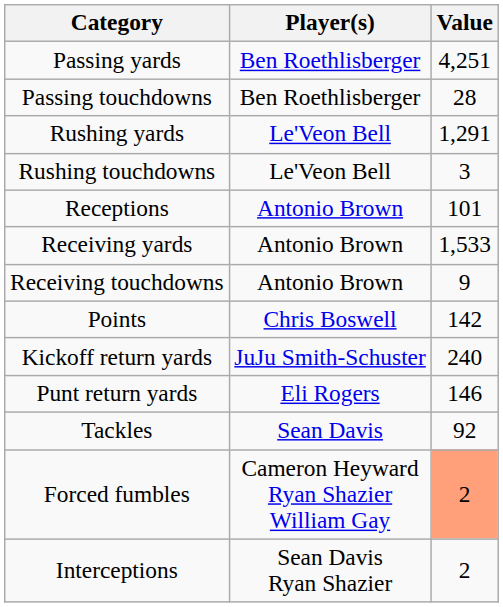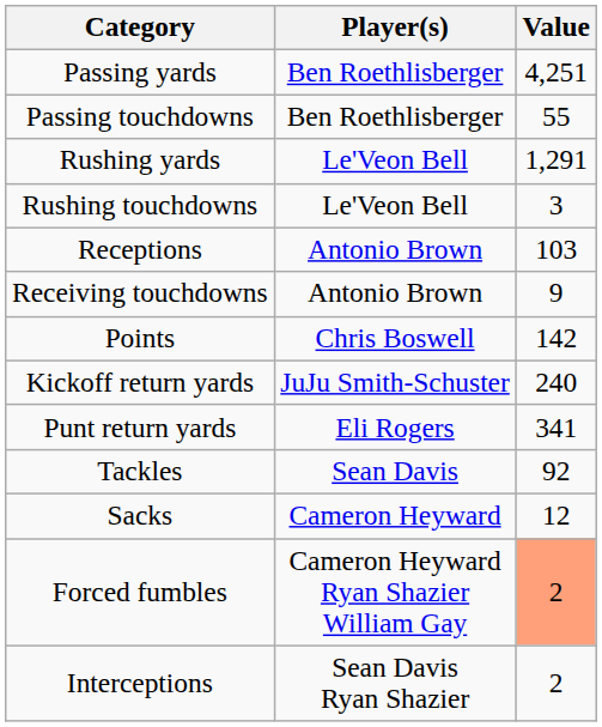 <table class="wikitable" style="text-align:center">
 <tr>
 <th>Category</th>
 <th>Player(s)</th>
 <th>Value</th>
 </tr>
 <tr>
 <td>Passing yards</td>
 <td><a href='#'>Ben Roethlisberger</a></td>
 <td>4,251</td>
 </tr>
 <tr>
 <td>Passing touchdowns</td>
 <td>Ben Roethlisberger</td>
-<td>28</td>
+<td>55</td>
 </tr>
 <tr>
 <td>Rushing yards</td>
 <td><a href='#'>Le'Veon Bell</a></td>
 <td>1,291</td>
 </tr>
 <tr>
 <td>Rushing touchdowns</td>
 <td>Le'Veon Bell</td>
 <td>3</td>
 </tr>
 <tr>
 <td>Receptions</td>
 <td><a href='#'>Antonio Brown</a></td>
-<td>101</td>
-</tr>
-<tr>
-<td>Receiving yards</td>
-<td>Antonio Brown</td>
-<td>1,533</td>
+<td>103</td>
 </tr>
 <tr>
 <td>Receiving touchdowns</td>
 <td>Antonio Brown</td>
 <td>9</td>
 </tr>
 <tr>
 <td>Points</td>
 <td><a href='#'>Chris Boswell</a></td>
 <td>142</td>
 </tr>
 <tr>
 <td>Kickoff return yards</td>
 <td><a href='#'>JuJu Smith-Schuster</a></td>
 <td>240</td>
 </tr>
 <tr>
 <td>Punt return yards</td>
 <td><a href='#'>Eli Rogers</a></td>
-<td>146</td>
+<td>341</td>
 </tr>
 <tr>
 <td>Tackles</td>
 <td><a href='#'>Sean Davis</a></td>
 <td>92</td>
+</tr>
+<tr>
+<td>Sacks</td>
+<td><a href='#'>Cameron Heyward</a></td>
+<td>12</td>
 </tr>
 <tr>
 <td>Forced fumbles</td>
 <td>Cameron Heyward<br><a href='#'>Ryan Shazier</a><br><a href='#'>William Gay</a></td>
 <td style="background: lightsalmon;">2</td>
 </tr>
 <tr>
 <td>Interceptions</td>
 <td>Sean Davis<br>Ryan Shazier</td>
 <td>2</td>
 </tr>
 </table>
